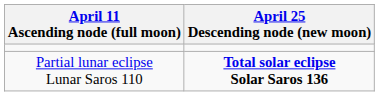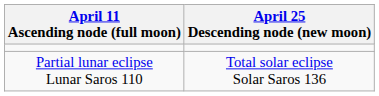 <table class="wikitable">
 <tr>
 <th><a href='#'>April 11</a><br>Ascending node (full moon)<br></th>
 <th><a href='#'>April 25</a><br>Descending node (new moon)<br></th>
 </tr>
 <tr>
 <td></td>
 <td></td>
 </tr>
 <tr align=center>
 <td><a href='#'>Partial lunar eclipse</a><br>Lunar Saros 110</td>
-<td><strong><a href='#'>Total solar eclipse</a><br>Solar Saros 136</strong></td>
+<td><a href='#'>Total solar eclipse</a><br>Solar Saros 136</td>
 </tr>
 </table>
